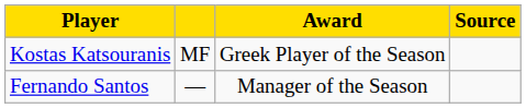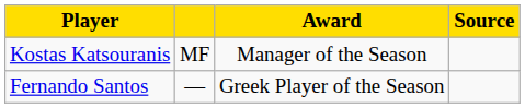 <table class="wikitable">
 <tr>
 <th style="background:#FFDE00">Player</th>
 <th style="background:#FFDE00"></th>
 <th style="background:#FFDE00">Award</th>
 <th style="background:#FFDE00">Source</th>
 </tr>
 <tr>
 <td> <a href='#'>Kostas Katsouranis</a></td>
 <td align="center">MF</td>
-<td align="center">Greek Player of the Season</td>
+<td align="center">Manager of the Season</td>
 <td align="center"></td>
 </tr>
 <tr>
 <td> <a href='#'>Fernando Santos</a></td>
 <td align="center">—</td>
-<td align="center">Manager of the Season</td>
+<td align="center">Greek Player of the Season</td>
 <td align="center"></td>
 </tr>
 </table>
